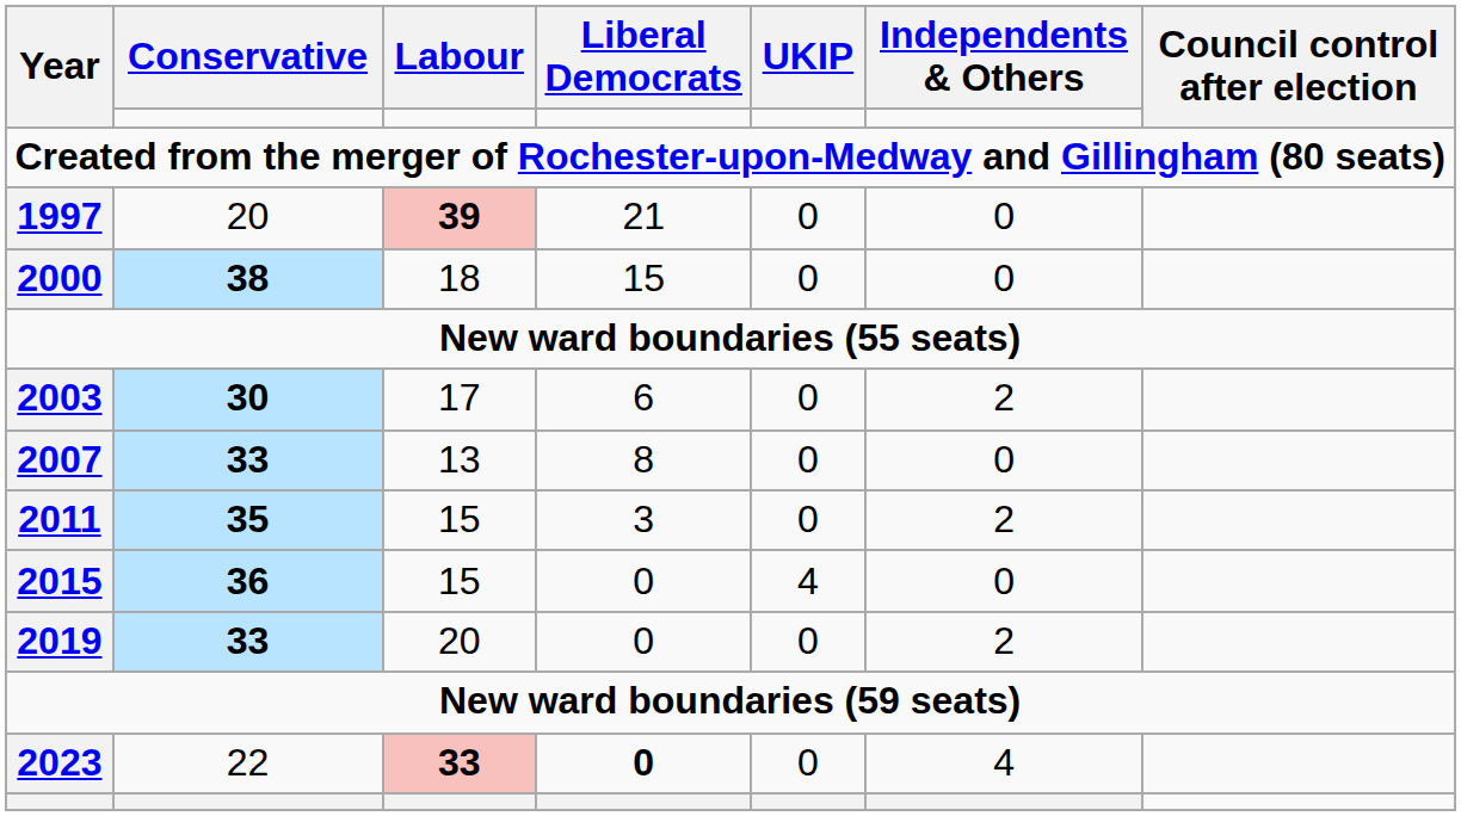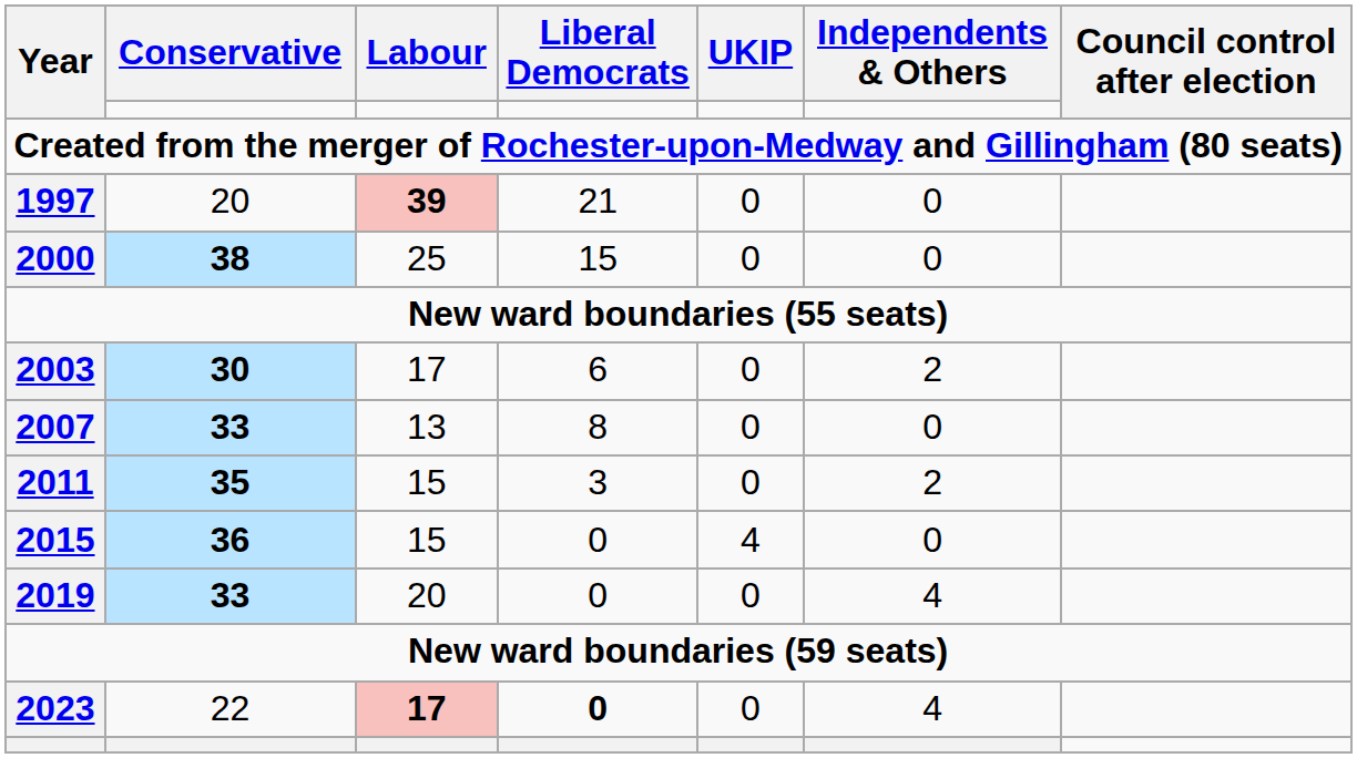 <table class="wikitable plainrowheaders" style="text-align:center">
 <tr>
 <th scope="col" rowspan="2">Year</th>
 <th scope="col"><a href='#'>Conservative</a></th>
 <th scope="col"><a href='#'>Labour</a></th>
 <th scope="col" style="width:1px"><a href='#'>Liberal Democrats</a></th>
 <th scope="col"><a href='#'>UKIP</a></th>
 <th scope="col"><a href='#'>Independents</a><br>& Others</th>
 <th scope="col" rowspan="2" colspan="2">Council control<br>after election</th>
 </tr>
 <tr>
 <td style="background:"></td>
 <td style="background:"></td>
 <td style="background:"></td>
 <td style="background:"></td>
 <td style="background:"></td>
 </tr>
 <tr>
 <td colspan="9"><strong>Created from the merger of <a href='#'>Rochester-upon-Medway</a> and <a href='#'>Gillingham</a> (80 seats)</strong></td>
 </tr>
 <tr>
 <th scope="row"><a href='#'>1997</a></th>
 <td>20</td>
 <td style="background:#F8C1BE;"><strong>39</strong></td>
 <td>21</td>
 <td>0</td>
 <td>0</td>
 <td></td>
 </tr>
 <tr>
 <th scope="row"><a href='#'>2000</a></th>
 <td style="background:#B9E4FF;"><strong>38</strong></td>
-<td>18</td>
+<td>25</td>
 <td>15</td>
 <td>0</td>
 <td>0</td>
 <td></td>
 </tr>
 <tr>
 <td colspan="9"><strong>New ward boundaries (55 seats)</strong></td>
 </tr>
 <tr>
 <th scope="row"><a href='#'>2003</a></th>
 <td style="background:#B9E4FF;"><strong>30</strong></td>
 <td>17</td>
 <td>6</td>
 <td>0</td>
 <td>2</td>
 <td></td>
 </tr>
 <tr>
 <th scope="row"><a href='#'>2007</a></th>
 <td style="background:#B9E4FF;"><strong>33</strong></td>
 <td>13</td>
 <td>8</td>
 <td>0</td>
 <td>0</td>
 <td></td>
 </tr>
 <tr>
 <th scope="row"><a href='#'>2011</a></th>
 <td style="background:#B9E4FF;"><strong>35</strong></td>
 <td>15</td>
 <td>3</td>
 <td>0</td>
 <td>2</td>
 <td></td>
 </tr>
 <tr>
 <th scope="row"><a href='#'>2015</a></th>
 <td style="background:#B9E4FF;"><strong>36</strong></td>
 <td>15</td>
 <td>0</td>
 <td>4</td>
 <td>0</td>
 <td></td>
 </tr>
 <tr>
 <th scope="row"><a href='#'>2019</a></th>
 <td style="background:#B9E4FF;"><strong>33</strong></td>
 <td>20</td>
 <td>0</td>
 <td>0</td>
-<td>2</td>
+<td>4</td>
 <td></td>
 </tr>
 <tr>
 <td colspan="9"><strong>New ward boundaries (59 seats)</strong></td>
 </tr>
 <tr>
 <th scope="row"><a href='#'>2023</a></th>
 <td>22</td>
-<td style="background:#F8C1BE;"><strong>33</strong></td>
+<td style="background:#F8C1BE;"><strong>17</strong></td>
 <td><strong>0</strong></td>
 <td>0</td>
 <td>4</td>
 <td></td>
 </tr>
 <tr>
 <th></th>
 <th style="background-color: "></th>
 <th style="background-color: "></th>
 <th style="background-color: "></th>
 <th style="background-color: "></th>
 <th style="background-color: "></th>
 </tr>
 </table>
